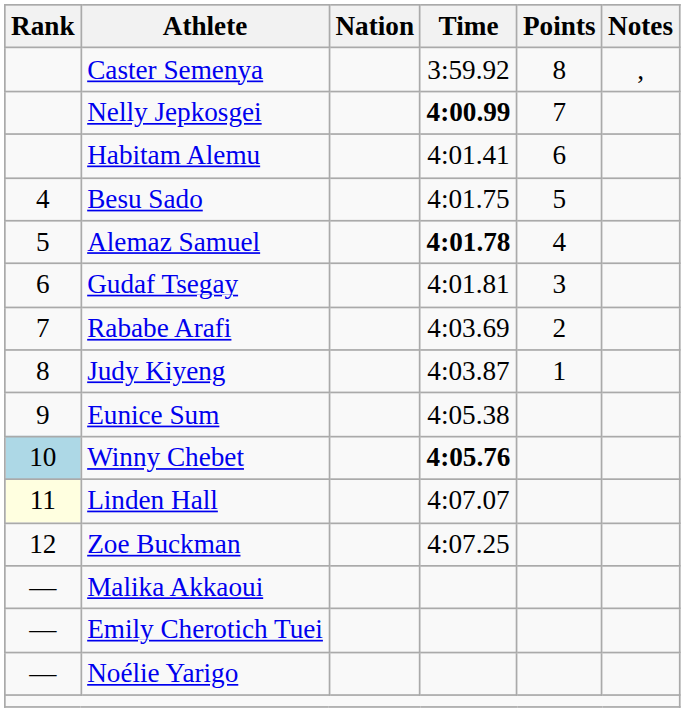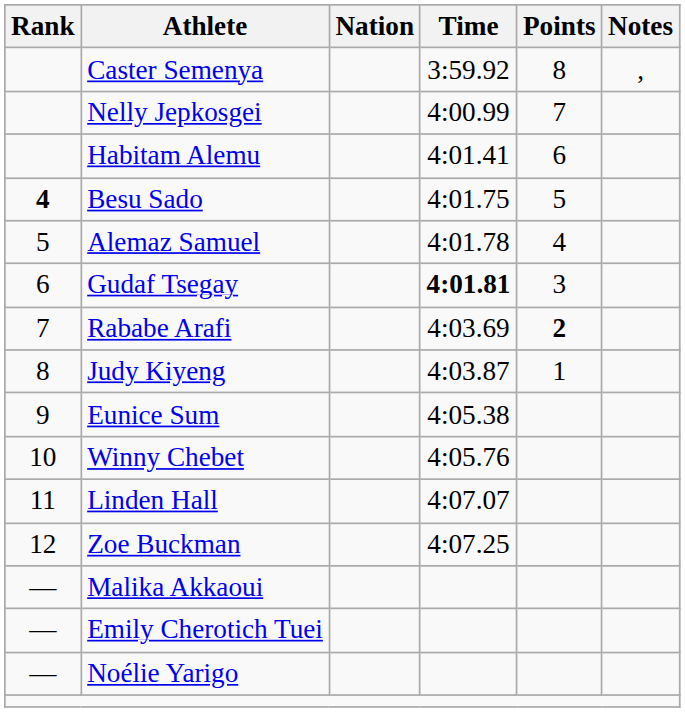 <table class="wikitable sortable" style="text-align:center;">
 <tr>
 <th scope="col" style="width: 10px;">Rank</th>
 <th scope="col">Athlete</th>
 <th scope="col">Nation</th>
 <th scope="col">Time</th>
 <th scope="col">Points</th>
 <th scope="col">Notes</th>
 </tr>
 <tr>
 <td></td>
 <td align=left><a href='#'>Caster Semenya</a></td>
 <td align=left></td>
 <td>3:59.92</td>
 <td>8</td>
 <td><strong></strong>, </td>
 </tr>
 <tr>
 <td></td>
 <td align=left><a href='#'>Nelly Jepkosgei</a></td>
 <td align=left></td>
-<td><strong>4:00.99</strong></td>
+<td>4:00.99</td>
 <td>7</td>
 <td></td>
 </tr>
 <tr>
 <td></td>
 <td align=left><a href='#'>Habitam Alemu</a></td>
 <td align=left></td>
 <td>4:01.41</td>
 <td>6</td>
 <td></td>
 </tr>
 <tr>
-<td>4</td>
+<td><strong>4</strong></td>
 <td align=left><a href='#'>Besu Sado</a></td>
 <td align=left></td>
 <td>4:01.75</td>
 <td>5</td>
 <td></td>
 </tr>
 <tr>
 <td>5</td>
 <td align=left><a href='#'>Alemaz Samuel</a></td>
 <td align=left></td>
-<td><strong>4:01.78</strong></td>
+<td>4:01.78</td>
 <td>4</td>
 <td></td>
 </tr>
 <tr>
 <td>6</td>
 <td align=left><a href='#'>Gudaf Tsegay</a></td>
 <td align=left></td>
-<td>4:01.81</td>
+<td><strong>4:01.81</strong></td>
 <td>3</td>
 <td></td>
 </tr>
 <tr>
 <td>7</td>
 <td align=left><a href='#'>Rababe Arafi</a></td>
 <td align=left></td>
 <td>4:03.69</td>
-<td>2</td>
+<td><strong>2</strong></td>
 <td></td>
 </tr>
 <tr>
 <td>8</td>
 <td align=left><a href='#'>Judy Kiyeng</a></td>
 <td align=left></td>
 <td>4:03.87</td>
 <td>1</td>
 <td></td>
 </tr>
 <tr>
 <td>9</td>
 <td align=left><a href='#'>Eunice Sum</a></td>
 <td align=left></td>
 <td>4:05.38</td>
 <td></td>
 <td></td>
 </tr>
 <tr>
-<td style="background: lightblue;">10</td>
+<td>10</td>
 <td align=left><a href='#'>Winny Chebet</a></td>
 <td align=left></td>
-<td><strong>4:05.76</strong></td>
+<td>4:05.76</td>
 <td></td>
 <td></td>
 </tr>
 <tr>
-<td style="background: lightyellow;">11</td>
+<td>11</td>
 <td align=left><a href='#'>Linden Hall</a></td>
 <td align=left></td>
 <td>4:07.07</td>
 <td></td>
 <td></td>
 </tr>
 <tr>
 <td>12</td>
 <td align=left><a href='#'>Zoe Buckman</a></td>
 <td align=left></td>
 <td>4:07.25</td>
 <td></td>
 <td></td>
 </tr>
 <tr>
 <td>—</td>
 <td align=left><a href='#'>Malika Akkaoui</a></td>
 <td align=left></td>
 <td></td>
 <td></td>
 <td></td>
 </tr>
 <tr>
 <td>—</td>
 <td align=left><a href='#'>Emily Cherotich Tuei</a></td>
 <td align=left></td>
 <td></td>
 <td></td>
 <td></td>
 </tr>
 <tr>
 <td>—</td>
 <td align=left><a href='#'>Noélie Yarigo</a></td>
 <td align=left></td>
 <td></td>
 <td></td>
 <td></td>
 </tr>
 <tr class="sortbottom">
 <td colspan=6></td>
 </tr>
 </table>
